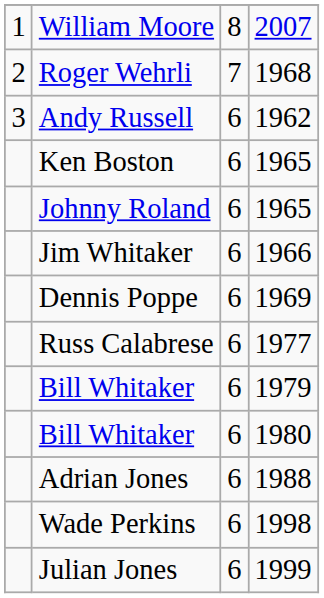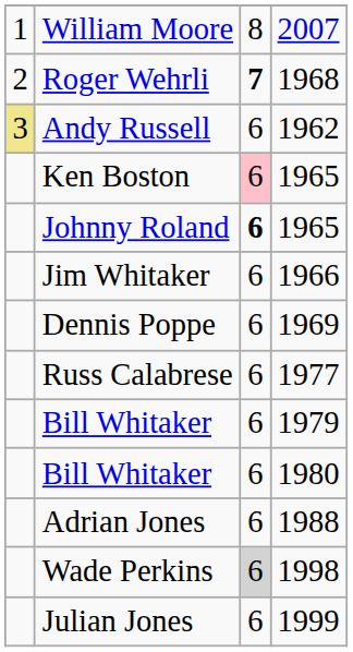 <table class="wikitable">
 <tr>
 </tr>
 <tr>
 <td>1</td>
 <td><a href='#'>William Moore</a></td>
 <td>8</td>
 <td><a href='#'>2007</a></td>
 </tr>
 <tr>
 <td>2</td>
 <td><a href='#'>Roger Wehrli</a></td>
-<td>7</td>
+<td><strong>7</strong></td>
 <td>1968</td>
 </tr>
 <tr>
-<td>3</td>
+<td style="background: khaki;">3</td>
 <td><a href='#'>Andy Russell</a></td>
 <td>6</td>
 <td>1962</td>
 </tr>
 <tr>
 <td></td>
 <td>Ken Boston</td>
-<td>6</td>
+<td style="background: pink;">6</td>
 <td>1965</td>
 </tr>
 <tr>
 <td></td>
 <td><a href='#'>Johnny Roland</a></td>
-<td>6</td>
+<td><strong>6</strong></td>
 <td>1965</td>
 </tr>
 <tr>
 <td></td>
 <td>Jim Whitaker</td>
 <td>6</td>
 <td>1966</td>
 </tr>
 <tr>
 <td></td>
 <td>Dennis Poppe</td>
 <td>6</td>
 <td>1969</td>
 </tr>
 <tr>
 <td></td>
 <td>Russ Calabrese</td>
 <td>6</td>
 <td>1977</td>
 </tr>
 <tr>
 <td></td>
 <td><a href='#'>Bill Whitaker</a></td>
 <td>6</td>
 <td>1979</td>
 </tr>
 <tr>
 <td></td>
 <td><a href='#'>Bill Whitaker</a></td>
 <td>6</td>
 <td>1980</td>
 </tr>
 <tr>
 <td></td>
 <td>Adrian Jones</td>
 <td>6</td>
 <td>1988</td>
 </tr>
 <tr>
 <td></td>
 <td>Wade Perkins</td>
-<td>6</td>
+<td style="background: lightgrey;">6</td>
 <td>1998</td>
 </tr>
 <tr>
 <td></td>
 <td>Julian Jones</td>
 <td>6</td>
 <td>1999</td>
 </tr>
 </table>
